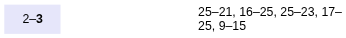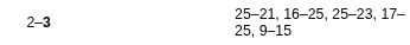 <table>
 <tr>
 <th width=200></th>
 <th width=80></th>
 <th width=200></th>
 <th width=220></th>
 </tr>
 <tr>
 <td align=right></td>
-<td align=center style="background: lavender;">2–<strong>3</strong></td>
+<td align=center>2–<strong>3</strong></td>
 <td><strong></strong></td>
 <td>25–21, 16–25, 25–23, 17–25, 9–15</td>
 </tr>
 </table>
